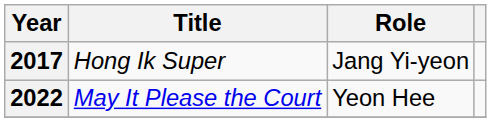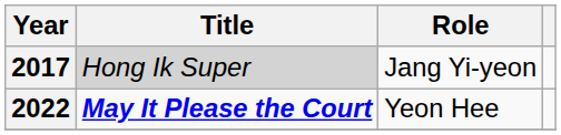 <table class="wikitable plainrowheaders">
 <tr>
 <th scope="col">Year</th>
 <th scope="col">Title</th>
 <th scope="col">Role</th>
 <th scope="col"></th>
 </tr>
 <tr>
 <th scope="row">2017</th>
-<td><em>Hong Ik Super </em></td>
+<td style="background: lightgrey;"><em>Hong Ik Super </em></td>
 <td>Jang Yi-yeon</td>
 <td style="text-align:center"></td>
 </tr>
 <tr>
 <th scope="row">2022</th>
-<td><em><a href='#'>May It Please the Court</a></em></td>
+<td><strong><em><a href='#'>May It Please the Court</a></em></strong></td>
 <td>Yeon Hee</td>
 <td style="text-align:center"></td>
 </tr>
 <tr>
 </tr>
 </table>
